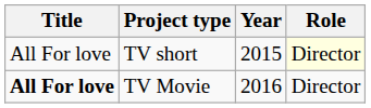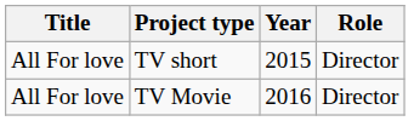 <table class="wikitable sortable">
 <tr>
 <th>Title</th>
 <th>Project type</th>
 <th>Year</th>
 <th>Role</th>
 </tr>
 <tr>
 <td>All For love</td>
 <td>TV short</td>
 <td>2015</td>
-<td style="background: lightyellow;">Director</td>
+<td>Director</td>
 </tr>
 <tr>
-<td><strong>All For love</strong></td>
+<td>All For love</td>
 <td>TV Movie</td>
 <td>2016</td>
 <td>Director</td>
 </tr>
 </table>
